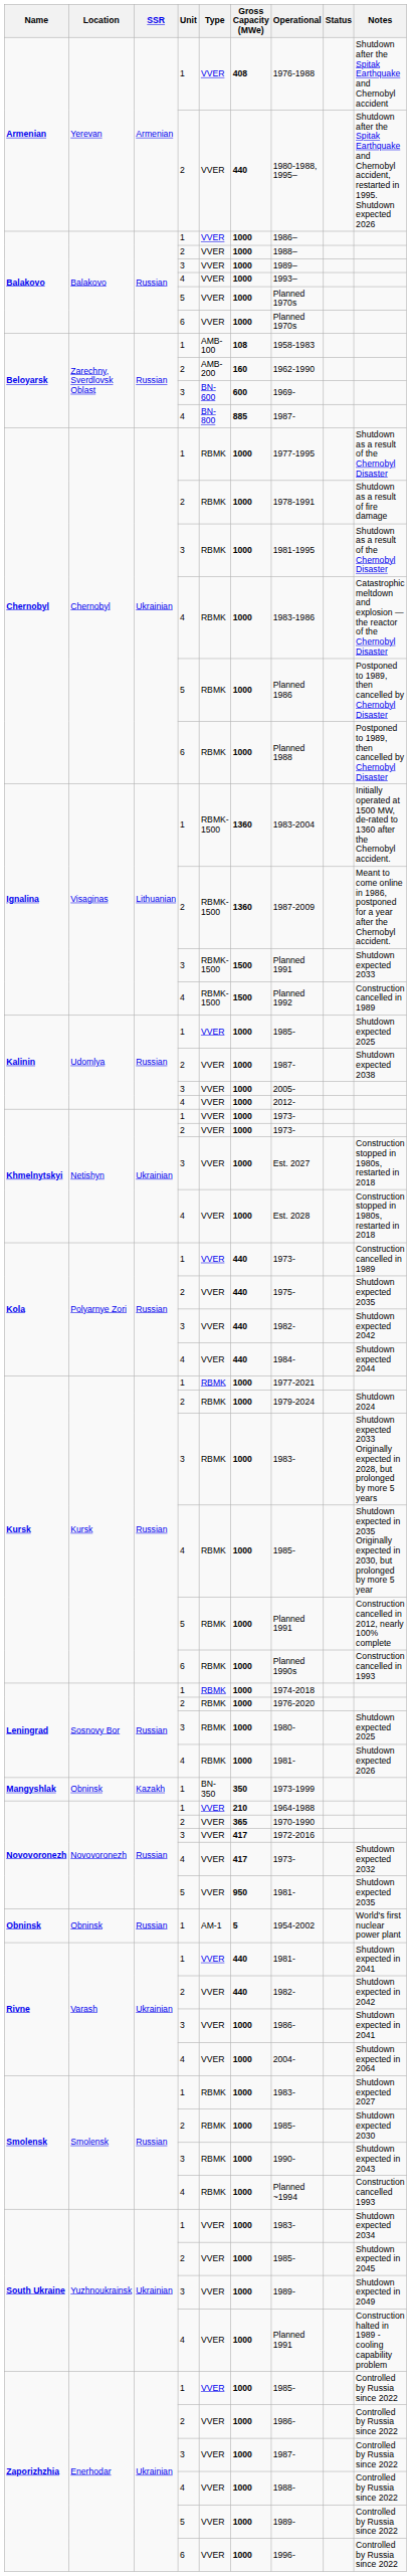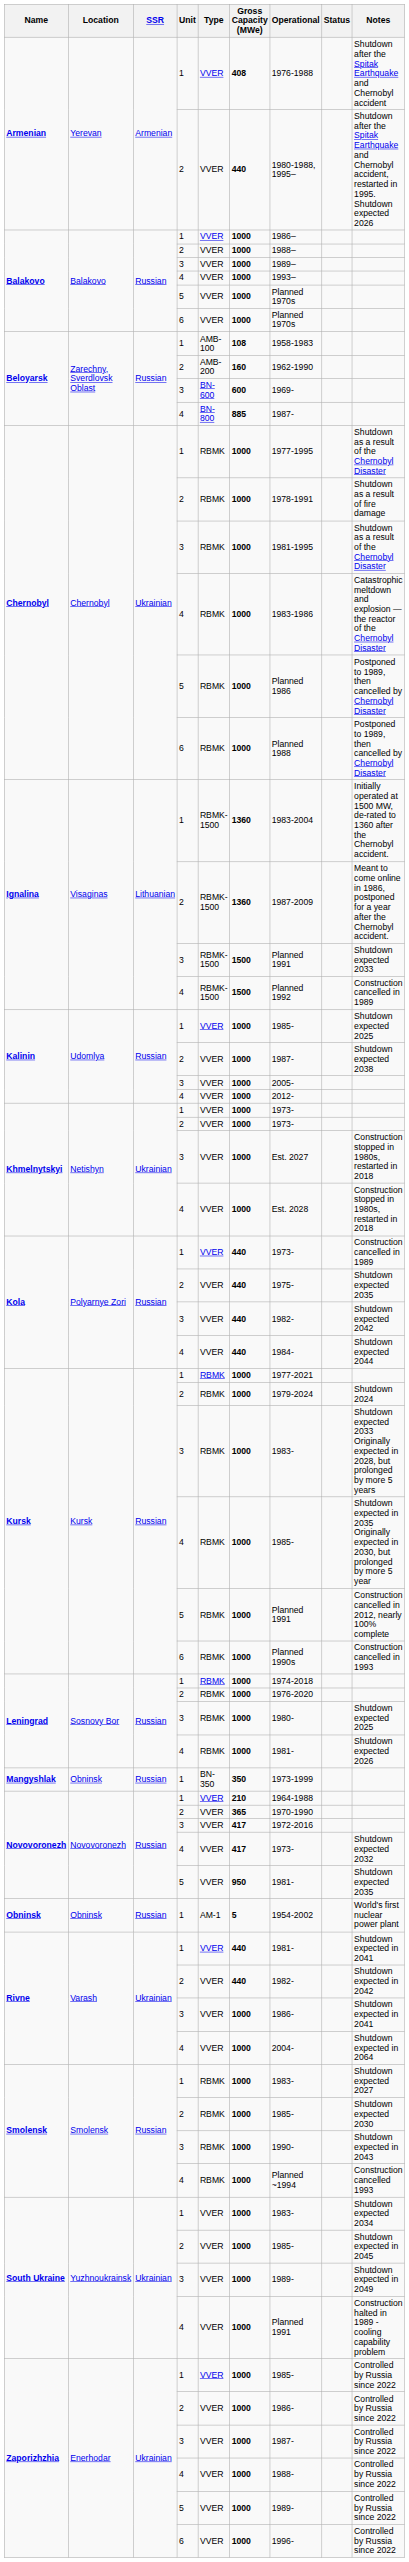 <table class="wikitable sortable mw-datatable">
 <tr>
 <th>Name</th>
 <th>Location</th>
 <th><a href='#'>SSR</a></th>
 <th>Unit</th>
 <th>Type</th>
 <th>Gross Capacity (MWe)</th>
 <th>Operational</th>
 <th>Status</th>
 <th>Notes</th>
 </tr>
 <tr>
 <td rowspan="2"><a href='#'><strong>Armenian</strong></a></td>
 <td rowspan="2"><a href='#'>Yerevan</a></td>
 <td rowspan="2"><a href='#'>Armenian</a></td>
 <td>1</td>
 <td><a href='#'>VVER</a></td>
 <td><strong>408</strong></td>
 <td>1976-1988</td>
 <td></td>
 <td>Shutdown after the <a href='#'>Spitak Earthquake</a> and Chernobyl accident</td>
 </tr>
 <tr>
 <td>2</td>
 <td>VVER</td>
 <td><strong>440</strong></td>
 <td>1980-1988, 1995–</td>
 <td></td>
 <td>Shutdown after the <a href='#'>Spitak Earthquake</a> and Chernobyl accident, restarted in 1995. Shutdown expected 2026</td>
 </tr>
 <tr>
 <td rowspan="6"><strong><a href='#'>Balakovo</a></strong></td>
 <td rowspan="6"><a href='#'>Balakovo</a></td>
 <td rowspan="6"><a href='#'>Russian</a></td>
 <td>1</td>
 <td><a href='#'>VVER</a></td>
 <td><strong>1000</strong></td>
 <td>1986–</td>
 <td></td>
 <td></td>
 </tr>
 <tr>
 <td>2</td>
 <td>VVER</td>
 <td><strong>1000</strong></td>
 <td>1988–</td>
 <td></td>
 <td></td>
 </tr>
 <tr>
 <td>3</td>
 <td>VVER</td>
 <td><strong>1000</strong></td>
 <td>1989–</td>
 <td></td>
 <td></td>
 </tr>
 <tr>
 <td>4</td>
 <td>VVER</td>
 <td><strong>1000</strong></td>
 <td>1993–</td>
 <td></td>
 <td></td>
 </tr>
 <tr>
 <td>5</td>
 <td>VVER</td>
 <td><strong>1000</strong></td>
 <td>Planned 1970s</td>
 <td></td>
 <td></td>
 </tr>
 <tr>
 <td>6</td>
 <td>VVER</td>
 <td><strong>1000</strong></td>
 <td>Planned 1970s</td>
 <td></td>
 <td></td>
 </tr>
 <tr>
 <td rowspan="4"><a href='#'><strong>Beloyarsk</strong></a></td>
 <td rowspan="4"><a href='#'>Zarechny, Sverdlovsk Oblast</a></td>
 <td rowspan="4"><a href='#'>Russian</a></td>
 <td>1</td>
 <td>AMB-100</td>
 <td><strong>108</strong></td>
 <td>1958-1983</td>
 <td></td>
 <td></td>
 </tr>
 <tr>
 <td>2</td>
 <td>AMB-200</td>
 <td><strong>160</strong></td>
 <td>1962-1990</td>
 <td></td>
 <td></td>
 </tr>
 <tr>
 <td>3</td>
 <td><a href='#'>BN-600</a></td>
 <td><strong>600</strong></td>
 <td>1969-</td>
 <td></td>
 <td></td>
 </tr>
 <tr>
 <td>4</td>
 <td><a href='#'>BN-800</a></td>
 <td><strong>885</strong></td>
 <td>1987-</td>
 <td></td>
 <td></td>
 </tr>
 <tr>
 <td rowspan="6"><a href='#'><strong>Chernobyl</strong></a></td>
 <td rowspan="6"><a href='#'>Chernobyl</a></td>
 <td rowspan="6"><a href='#'>Ukrainian</a></td>
 <td>1</td>
 <td>RBMK</td>
 <td><strong>1000</strong></td>
 <td>1977-1995</td>
 <td></td>
 <td>Shutdown as a result of the <a href='#'>Chernobyl Disaster</a></td>
 </tr>
 <tr>
 <td>2</td>
 <td>RBMK</td>
 <td><strong>1000</strong></td>
 <td>1978-1991</td>
 <td></td>
 <td>Shutdown as a result of fire damage</td>
 </tr>
 <tr>
 <td>3</td>
 <td>RBMK</td>
 <td><strong>1000</strong></td>
 <td>1981-1995</td>
 <td></td>
 <td>Shutdown as a result of the <a href='#'>Chernobyl Disaster</a></td>
 </tr>
 <tr>
 <td>4</td>
 <td>RBMK</td>
 <td><strong>1000</strong></td>
 <td>1983-1986</td>
 <td></td>
 <td>Catastrophic meltdown and explosion — the reactor of the <a href='#'>Chernobyl Disaster</a></td>
 </tr>
 <tr>
 <td>5</td>
 <td>RBMK</td>
 <td><strong>1000</strong></td>
 <td>Planned 1986</td>
 <td></td>
 <td>Postponed to 1989, then cancelled by <a href='#'>Chernobyl Disaster</a></td>
 </tr>
 <tr>
 <td>6</td>
 <td>RBMK</td>
 <td><strong>1000</strong></td>
 <td>Planned 1988</td>
 <td></td>
 <td>Postponed to 1989, then cancelled by <a href='#'>Chernobyl Disaster</a></td>
 </tr>
 <tr>
 <td rowspan="4"><a href='#'><strong>Ignalina</strong></a></td>
 <td rowspan="4"><a href='#'>Visaginas</a></td>
 <td rowspan="4"><a href='#'>Lithuanian</a></td>
 <td>1</td>
 <td>RBMK-1500</td>
 <td><strong>1360</strong></td>
 <td>1983-2004</td>
 <td></td>
 <td>Initially operated at 1500 MW, de-rated to 1360 after the Chernobyl accident.</td>
 </tr>
 <tr>
 <td>2</td>
 <td>RBMK-1500</td>
 <td><strong>1360</strong></td>
 <td>1987-2009</td>
 <td></td>
 <td>Meant to come online in 1986, postponed for a year after the Chernobyl accident.</td>
 </tr>
 <tr>
 <td>3</td>
 <td>RBMK-1500</td>
 <td><strong>1500</strong></td>
 <td>Planned 1991</td>
 <td></td>
 <td>Shutdown expected 2033</td>
 </tr>
 <tr>
 <td>4</td>
 <td>RBMK-1500</td>
 <td><strong>1500</strong></td>
 <td>Planned 1992</td>
 <td></td>
 <td>Construction cancelled in 1989</td>
 </tr>
 <tr>
 <td rowspan="4"><strong><a href='#'>Kalinin</a></strong></td>
 <td rowspan="4"><a href='#'>Udomlya</a></td>
 <td rowspan="4"><a href='#'>Russian</a></td>
 <td>1</td>
 <td><a href='#'>VVER</a></td>
 <td><strong>1000</strong></td>
 <td>1985-</td>
 <td></td>
 <td>Shutdown expected 2025</td>
 </tr>
 <tr>
 <td>2</td>
 <td>VVER</td>
 <td><strong>1000</strong></td>
 <td>1987-</td>
 <td></td>
 <td>Shutdown expected 2038</td>
 </tr>
 <tr>
 <td>3</td>
 <td>VVER</td>
 <td><strong>1000</strong></td>
 <td>2005-</td>
 <td></td>
 <td></td>
 </tr>
 <tr>
 <td>4</td>
 <td>VVER</td>
 <td><strong>1000</strong></td>
 <td>2012-</td>
 <td></td>
 <td></td>
 </tr>
 <tr>
 <td rowspan="4"><strong><a href='#'>Khmelnytskyi</a></strong></td>
 <td rowspan="4"><a href='#'>Netishyn</a></td>
 <td rowspan="4"><a href='#'>Ukrainian</a></td>
 <td>1</td>
 <td>VVER</td>
 <td><strong>1000</strong></td>
 <td>1973-</td>
 <td></td>
 <td></td>
 </tr>
 <tr>
 <td>2</td>
 <td>VVER</td>
 <td><strong>1000</strong></td>
 <td>1973-</td>
 <td></td>
 <td></td>
 </tr>
 <tr>
 <td>3</td>
 <td>VVER</td>
 <td><strong>1000</strong></td>
 <td>Est. 2027</td>
 <td></td>
 <td>Construction stopped in 1980s, restarted in 2018</td>
 </tr>
 <tr>
 <td>4</td>
 <td>VVER</td>
 <td><strong>1000</strong></td>
 <td>Est. 2028</td>
 <td></td>
 <td>Construction stopped in 1980s, restarted in 2018</td>
 </tr>
 <tr>
 <td rowspan="4"><a href='#'><strong>Kola</strong></a></td>
 <td rowspan="4"><a href='#'>Polyarnye Zori</a></td>
 <td rowspan="4"><a href='#'>Russian</a></td>
 <td>1</td>
 <td><a href='#'>VVER</a></td>
 <td><strong>440</strong></td>
 <td>1973-</td>
 <td></td>
 <td>Construction cancelled in 1989</td>
 </tr>
 <tr>
 <td>2</td>
 <td>VVER</td>
 <td><strong>440</strong></td>
 <td>1975-</td>
 <td></td>
 <td>Shutdown expected 2035</td>
 </tr>
 <tr>
 <td>3</td>
 <td>VVER</td>
 <td><strong>440</strong></td>
 <td>1982-</td>
 <td></td>
 <td>Shutdown expected 2042</td>
 </tr>
 <tr>
 <td>4</td>
 <td>VVER</td>
 <td><strong>440</strong></td>
 <td>1984-</td>
 <td></td>
 <td>Shutdown expected 2044</td>
 </tr>
 <tr>
 <td rowspan="6"><a href='#'><strong>Kursk</strong></a></td>
 <td rowspan="6"><a href='#'>Kursk</a></td>
 <td rowspan="6"><a href='#'>Russian</a></td>
 <td>1</td>
 <td><a href='#'>RBMK</a></td>
 <td><strong>1000</strong></td>
 <td>1977-2021</td>
 <td></td>
 <td></td>
 </tr>
 <tr>
 <td>2</td>
 <td>RBMK</td>
 <td><strong>1000</strong></td>
 <td>1979-2024</td>
 <td></td>
 <td>Shutdown 2024</td>
 </tr>
 <tr>
 <td>3</td>
 <td>RBMK</td>
 <td><strong>1000</strong></td>
 <td>1983-</td>
 <td></td>
 <td>Shutdown expected 2033 Originally expected in 2028, but prolonged by more 5 years</td>
 </tr>
 <tr>
 <td>4</td>
 <td>RBMK</td>
 <td><strong>1000</strong></td>
 <td>1985-</td>
 <td></td>
 <td>Shutdown expected in 2035 Originally expected in 2030, but prolonged by more 5 year</td>
 </tr>
 <tr>
 <td>5</td>
 <td>RBMK</td>
 <td><strong>1000</strong></td>
 <td>Planned 1991</td>
 <td></td>
 <td>Construction cancelled in 2012, nearly 100% complete</td>
 </tr>
 <tr>
 <td>6</td>
 <td>RBMK</td>
 <td><strong>1000</strong></td>
 <td>Planned 1990s</td>
 <td></td>
 <td>Construction cancelled in 1993</td>
 </tr>
 <tr>
 <td rowspan="4"><a href='#'><strong>Leningrad</strong></a></td>
 <td rowspan="4"><a href='#'>Sosnovy Bor</a></td>
 <td rowspan="4"><a href='#'>Russian</a></td>
 <td>1</td>
 <td><a href='#'>RBMK</a></td>
 <td><strong>1000</strong></td>
 <td>1974-2018</td>
 <td></td>
 <td></td>
 </tr>
 <tr>
 <td>2</td>
 <td>RBMK</td>
 <td><strong>1000</strong></td>
 <td>1976-2020</td>
 <td></td>
 <td></td>
 </tr>
 <tr>
 <td>3</td>
 <td>RBMK</td>
 <td><strong>1000</strong></td>
 <td>1980-</td>
 <td></td>
 <td>Shutdown expected 2025</td>
 </tr>
 <tr>
 <td>4</td>
 <td>RBMK</td>
 <td><strong>1000</strong></td>
 <td>1981-</td>
 <td></td>
 <td>Shutdown expected 2026</td>
 </tr>
 <tr>
 <td rowspan="1"><a href='#'><strong>Mangyshlak</strong></a></td>
 <td><a href='#'>Obninsk</a></td>
-<td rowspan="1"><a href='#'>Kazakh</a></td>
+<td><a href='#'>Russian</a></td>
 <td>1</td>
 <td>BN-350</td>
 <td><strong>350</strong></td>
 <td>1973-1999</td>
 <td></td>
 </tr>
 <tr>
 <td rowspan="5"><a href='#'><strong>Novovoronezh</strong></a></td>
 <td rowspan="5"><a href='#'>Novovoronezh</a></td>
 <td rowspan="5"><a href='#'>Russian</a></td>
 <td>1</td>
 <td><a href='#'>VVER</a></td>
 <td><strong>210</strong></td>
 <td>1964-1988</td>
 <td></td>
 <td></td>
 </tr>
 <tr>
 <td>2</td>
 <td>VVER</td>
 <td><strong>365</strong></td>
 <td>1970-1990</td>
 <td></td>
 <td></td>
 </tr>
 <tr>
 <td>3</td>
 <td>VVER</td>
 <td><strong>417</strong></td>
 <td>1972-2016</td>
 <td></td>
 <td></td>
 </tr>
 <tr>
 <td>4</td>
 <td>VVER</td>
 <td><strong>417</strong></td>
 <td>1973-</td>
 <td></td>
 <td>Shutdown expected 2032</td>
 </tr>
 <tr>
 <td>5</td>
 <td>VVER</td>
 <td><strong>950</strong></td>
 <td>1981-</td>
 <td></td>
 <td>Shutdown expected 2035</td>
 </tr>
 <tr>
 <td><a href='#'><strong>Obninsk</strong></a></td>
 <td><a href='#'>Obninsk</a></td>
 <td><a href='#'>Russian</a></td>
 <td>1</td>
 <td>AM-1</td>
 <td><strong>5</strong></td>
 <td>1954-2002</td>
 <td></td>
 <td>World's first nuclear power plant</td>
 </tr>
 <tr>
 <td rowspan="4"><a href='#'><strong>Rivne</strong></a></td>
 <td rowspan="4"><a href='#'>Varash</a></td>
 <td rowspan="4"><a href='#'>Ukrainian</a></td>
 <td>1</td>
 <td><a href='#'>VVER</a></td>
 <td><strong>440</strong></td>
 <td>1981-</td>
 <td></td>
 <td>Shutdown expected in 2041</td>
 </tr>
 <tr>
 <td>2</td>
 <td>VVER</td>
 <td><strong>440</strong></td>
 <td>1982-</td>
 <td></td>
 <td>Shutdown expected in 2042</td>
 </tr>
 <tr>
 <td>3</td>
 <td>VVER</td>
 <td><strong>1000</strong></td>
 <td>1986-</td>
 <td></td>
 <td>Shutdown expected in 2041</td>
 </tr>
 <tr>
 <td>4</td>
 <td>VVER</td>
 <td><strong>1000</strong></td>
 <td>2004-</td>
 <td></td>
 <td>Shutdown expected in 2064</td>
 </tr>
 <tr>
 <td rowspan="4"><a href='#'><strong>Smolensk</strong></a></td>
 <td rowspan="4"><a href='#'>Smolensk</a></td>
 <td rowspan="4"><a href='#'>Russian</a></td>
 <td>1</td>
 <td>RBMK</td>
 <td><strong>1000</strong></td>
 <td>1983-</td>
 <td></td>
 <td>Shutdown expected 2027</td>
 </tr>
 <tr>
 <td>2</td>
 <td>RBMK</td>
 <td><strong>1000</strong></td>
 <td>1985-</td>
 <td></td>
 <td>Shutdown expected 2030</td>
 </tr>
 <tr>
 <td>3</td>
 <td>RBMK</td>
 <td><strong>1000</strong></td>
 <td>1990-</td>
 <td></td>
 <td>Shutdown expected in 2043</td>
 </tr>
 <tr>
 <td>4</td>
 <td>RBMK</td>
 <td><strong>1000</strong></td>
 <td>Planned ~1994</td>
 <td></td>
 <td>Construction cancelled 1993</td>
 </tr>
 <tr>
 <td rowspan="4"><a href='#'><strong>South Ukraine</strong></a></td>
 <td rowspan="4"><a href='#'>Yuzhnoukrainsk</a></td>
 <td rowspan="4"><a href='#'>Ukrainian</a></td>
 <td>1</td>
 <td>VVER</td>
 <td><strong>1000</strong></td>
 <td>1983-</td>
 <td></td>
 <td>Shutdown expected 2034</td>
 </tr>
 <tr>
 <td>2</td>
 <td>VVER</td>
 <td><strong>1000</strong></td>
 <td>1985-</td>
 <td></td>
 <td>Shutdown expected in 2045</td>
 </tr>
 <tr>
 <td>3</td>
 <td>VVER</td>
 <td><strong>1000</strong></td>
 <td>1989-</td>
 <td></td>
 <td>Shutdown expected in 2049</td>
 </tr>
 <tr>
 <td>4</td>
 <td>VVER</td>
 <td><strong>1000</strong></td>
 <td>Planned 1991</td>
 <td></td>
 <td>Construction halted in 1989 - cooling capability problem</td>
 </tr>
 <tr>
 <td rowspan="6"><strong><a href='#'>Zaporizhzhia</a></strong></td>
 <td rowspan="6"><a href='#'>Enerhodar</a></td>
 <td rowspan="6"><a href='#'>Ukrainian</a></td>
 <td>1</td>
 <td><a href='#'>VVER</a></td>
 <td><strong>1000</strong></td>
 <td>1985-</td>
 <td></td>
 <td>Controlled by Russia since 2022</td>
 </tr>
 <tr>
 <td>2</td>
 <td>VVER</td>
 <td><strong>1000</strong></td>
 <td>1986-</td>
 <td></td>
 <td>Controlled by Russia since 2022</td>
 </tr>
 <tr>
 <td>3</td>
 <td>VVER</td>
 <td><strong>1000</strong></td>
 <td>1987-</td>
 <td></td>
 <td>Controlled by Russia since 2022</td>
 </tr>
 <tr>
 <td>4</td>
 <td>VVER</td>
 <td><strong>1000</strong></td>
 <td>1988-</td>
 <td></td>
 <td>Controlled by Russia since 2022</td>
 </tr>
 <tr>
 <td>5</td>
 <td>VVER</td>
 <td><strong>1000</strong></td>
 <td>1989-</td>
 <td></td>
 <td>Controlled by Russia since 2022</td>
 </tr>
 <tr>
 <td>6</td>
 <td>VVER</td>
 <td><strong>1000</strong></td>
 <td>1996-</td>
 <td></td>
 <td>Controlled by Russia since 2022</td>
 </tr>
 </table>
